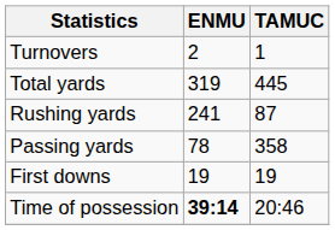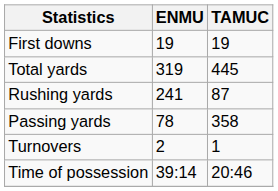 <table class="wikitable" style="float: left;">
 <tr>
 <th>Statistics</th>
 <th>ENMU</th>
 <th>TAMUC</th>
 </tr>
 <tr>
-<td>Turnovers</td>
-<td>2</td>
-<td>1</td>
+<td>First downs</td>
+<td>19</td>
+<td>19</td>
 </tr>
 <tr>
 <td>Total yards</td>
 <td>319</td>
 <td>445</td>
 </tr>
 <tr>
 <td>Rushing yards</td>
 <td>241</td>
 <td>87</td>
 </tr>
 <tr>
 <td>Passing yards</td>
 <td>78</td>
 <td>358</td>
 </tr>
 <tr>
-<td>First downs</td>
-<td>19</td>
-<td>19</td>
+<td>Turnovers</td>
+<td>2</td>
+<td>1</td>
 </tr>
 <tr>
 <td>Time of possession</td>
-<td><strong>39:14</strong></td>
+<td>39:14</td>
 <td>20:46</td>
 </tr>
 <tr>
 </tr>
 </table>
